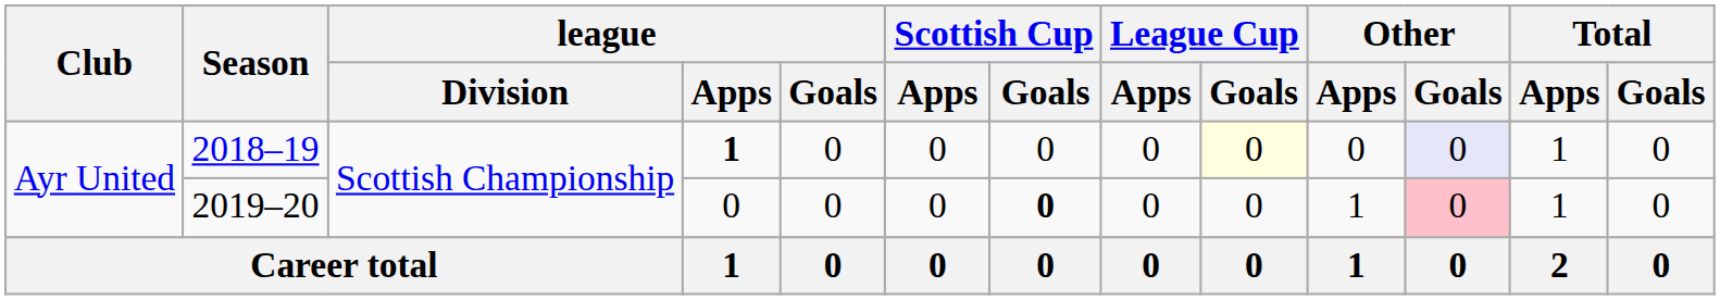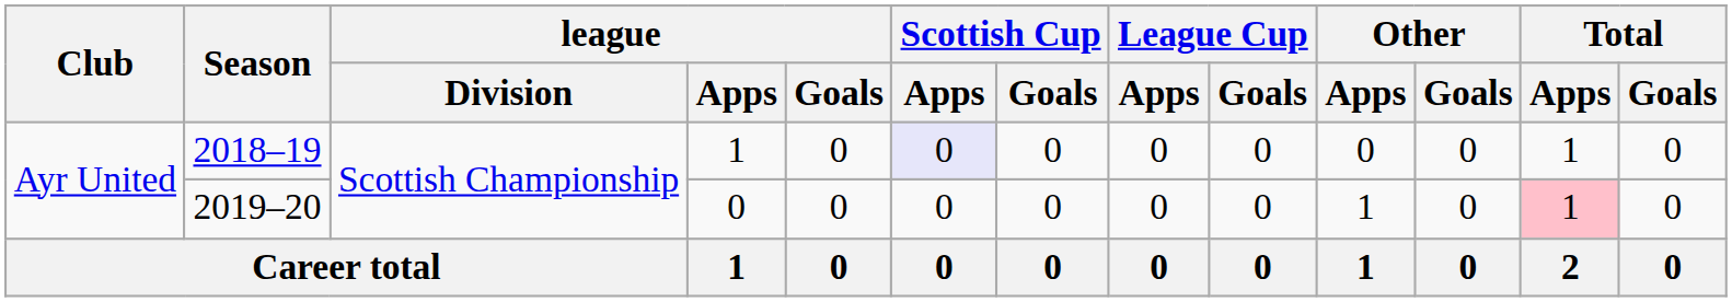 <table class="wikitable" style="text-align:center">
 <tr>
 <th rowspan="2">Club</th>
 <th rowspan="2">Season</th>
 <th colspan="3">league</th>
 <th colspan="2"><a href='#'>Scottish Cup</a></th>
 <th colspan="2"><a href='#'>League Cup</a></th>
 <th colspan="2">Other</th>
 <th colspan="2">Total</th>
 </tr>
 <tr>
 <th>Division</th>
 <th>Apps</th>
 <th>Goals</th>
 <th>Apps</th>
 <th>Goals</th>
 <th>Apps</th>
 <th>Goals</th>
 <th>Apps</th>
 <th>Goals</th>
 <th>Apps</th>
 <th>Goals</th>
 </tr>
 <tr>
 <td rowspan="2"><a href='#'>Ayr United</a></td>
 <td><a href='#'>2018–19</a></td>
 <td rowspan="2"><a href='#'>Scottish Championship</a></td>
-<td><strong>1</strong></td>
+<td>1</td>
+<td>0</td>
+<td style="background: lavender;">0</td>
 <td>0</td>
 <td>0</td>
 <td>0</td>
 <td>0</td>
-<td style="background: lightyellow;">0</td>
 <td>0</td>
-<td style="background: lavender;">0</td>
 <td>1</td>
 <td>0</td>
 </tr>
 <tr>
 <td>2019–20</td>
 <td>0</td>
 <td>0</td>
 <td>0</td>
-<td><strong>0</strong></td>
+<td>0</td>
 <td>0</td>
 <td>0</td>
 <td>1</td>
-<td style="background: pink;">0</td>
-<td>1</td>
+<td>0</td>
+<td style="background: pink;">1</td>
 <td>0</td>
 </tr>
 <tr>
 <th colspan="3">Career total</th>
 <th>1</th>
 <th>0</th>
 <th>0</th>
 <th>0</th>
 <th>0</th>
 <th>0</th>
 <th>1</th>
 <th>0</th>
 <th>2</th>
 <th>0</th>
 </tr>
 </table>
